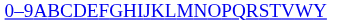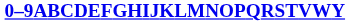 <table id="toc" class="toc" summary="Class">
 <tr>
 <th></th>
 </tr>
 <tr>
-<td style="text-align:center;"><a href='#'>0–9</a><a href='#'>A</a><a href='#'>B</a><a href='#'>C</a><a href='#'>D</a><a href='#'>E</a><a href='#'>F</a><a href='#'>G</a><a href='#'>H</a><a href='#'>I</a><a href='#'>J</a><a href='#'>K</a><a href='#'>L</a><a href='#'>M</a><a href='#'>N</a><a href='#'>O</a><a href='#'>P</a><a href='#'>Q</a><a href='#'>R</a><a href='#'>S</a><a href='#'>T</a><a href='#'>V</a><a href='#'>W</a><a href='#'>Y</a></td>
+<td style="text-align:center;"><strong><a href='#'>0–9</a><a href='#'>A</a><a href='#'>B</a><a href='#'>C</a><a href='#'>D</a><a href='#'>E</a><a href='#'>F</a><a href='#'>G</a><a href='#'>H</a><a href='#'>I</a><a href='#'>J</a><a href='#'>K</a><a href='#'>L</a><a href='#'>M</a><a href='#'>N</a><a href='#'>O</a><a href='#'>P</a><a href='#'>Q</a><a href='#'>R</a><a href='#'>S</a><a href='#'>T</a><a href='#'>V</a><a href='#'>W</a><a href='#'>Y</a></strong></td>
 </tr>
 </table>
